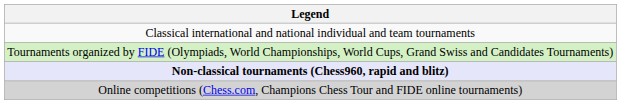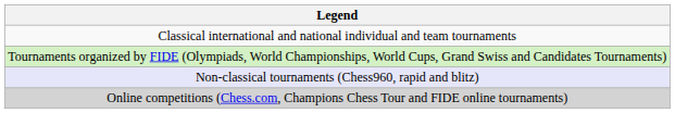 <table class=wikitable style="text-align:center;">
 <tr>
 <th>Legend</th>
 </tr>
 <tr>
 <td>Classical international and national individual and team tournaments</td>
 </tr>
 <tr style="background:#D4F1C5;">
 <td>Tournaments organized by <a href='#'>FIDE</a> (Olympiads, World Championships, World Cups, Grand Swiss and Candidates Tournaments)</td>
 </tr>
 <tr style="background:Lavender;">
-<td><strong>Non-classical tournaments (Chess960, rapid and blitz)</strong></td>
+<td>Non-classical tournaments (Chess960, rapid and blitz)</td>
 </tr>
 <tr style="background:lightgray;">
 <td>Online competitions (<a href='#'>Chess.com</a>, Champions Chess Tour and FIDE online tournaments)</td>
 </tr>
 </table>
